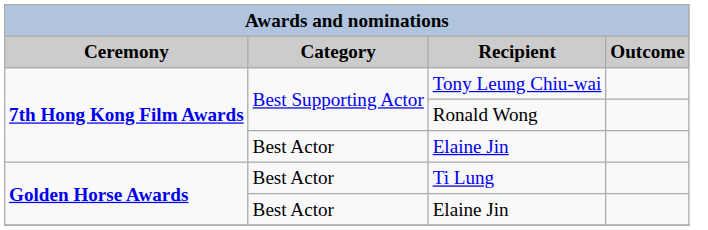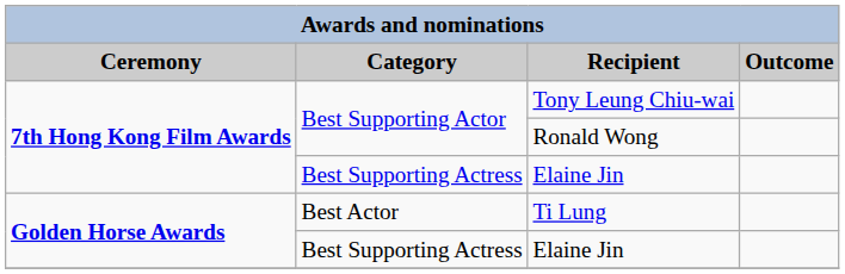 <table class="wikitable" style="font-size:95%;" ;>
 <tr style="background:#ccc; text-align:center;">
 <th colspan="4" style="background: LightSteelBlue;">Awards and nominations</th>
 </tr>
 <tr style="background:#ccc; text-align:center;">
 <th style="background:#ccc">Ceremony</th>
 <th style="background:#ccc">Category</th>
 <th style="background:#ccc">Recipient</th>
 <th style="background:#ccc">Outcome</th>
 </tr>
 <tr>
 <td rowspan=3><strong><a href='#'>7th Hong Kong Film Awards</a></strong></td>
 <td rowspan=2><a href='#'>Best Supporting Actor</a></td>
 <td><a href='#'>Tony Leung Chiu-wai</a></td>
 <td></td>
 </tr>
 <tr>
 <td>Ronald Wong</td>
 <td></td>
 </tr>
 <tr>
-<td>Best Actor</td>
+<td><a href='#'>Best Supporting Actress</a></td>
 <td><a href='#'>Elaine Jin</a></td>
 <td></td>
 </tr>
 <tr>
 <td rowspan=2><strong><a href='#'>Golden Horse Awards</a></strong></td>
 <td>Best Actor</td>
 <td><a href='#'>Ti Lung</a></td>
 <td></td>
 </tr>
 <tr>
-<td>Best Actor</td>
+<td>Best Supporting Actress</td>
 <td>Elaine Jin</td>
 <td></td>
 </tr>
 <tr>
 </tr>
 </table>
